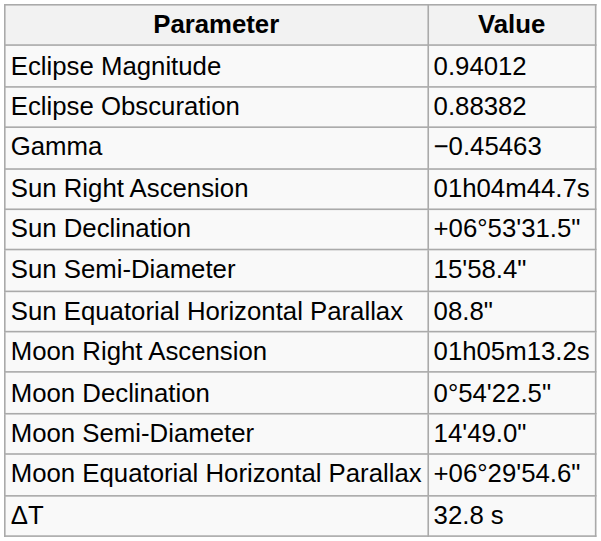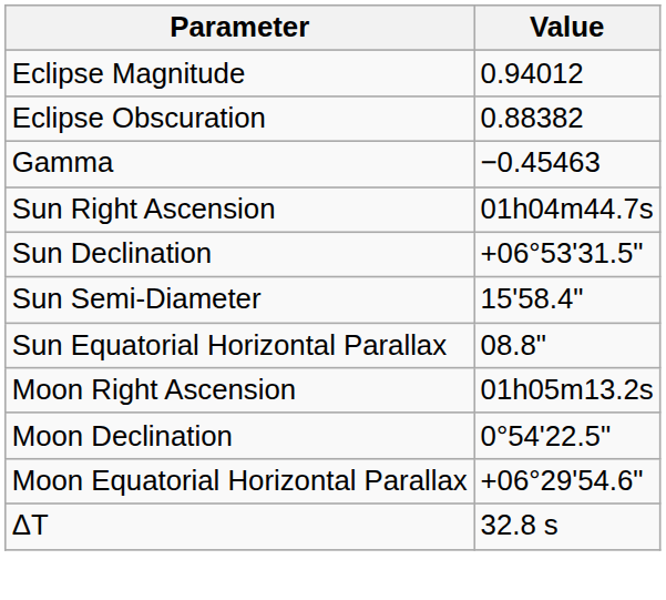 <table class="wikitable">
 <tr>
 <th>Parameter</th>
 <th>Value</th>
 </tr>
 <tr>
 <td>Eclipse Magnitude</td>
 <td>0.94012</td>
 </tr>
 <tr>
 <td>Eclipse Obscuration</td>
 <td>0.88382</td>
 </tr>
 <tr>
 <td>Gamma</td>
 <td>−0.45463</td>
 </tr>
 <tr>
 <td>Sun Right Ascension</td>
 <td>01h04m44.7s</td>
 </tr>
 <tr>
 <td>Sun Declination</td>
 <td>+06°53'31.5"</td>
 </tr>
 <tr>
 <td>Sun Semi-Diameter</td>
 <td>15'58.4"</td>
 </tr>
 <tr>
 <td>Sun Equatorial Horizontal Parallax</td>
 <td>08.8"</td>
 </tr>
 <tr>
 <td>Moon Right Ascension</td>
 <td>01h05m13.2s</td>
 </tr>
 <tr>
 <td>Moon Declination</td>
 <td>0°54'22.5"</td>
 </tr>
 <tr>
-<td>Moon Semi-Diameter</td>
-<td>14'49.0"</td>
-</tr>
-<tr>
 <td>Moon Equatorial Horizontal Parallax</td>
 <td>+06°29'54.6"</td>
 </tr>
 <tr>
 <td>ΔT</td>
 <td>32.8 s</td>
 </tr>
 </table>
